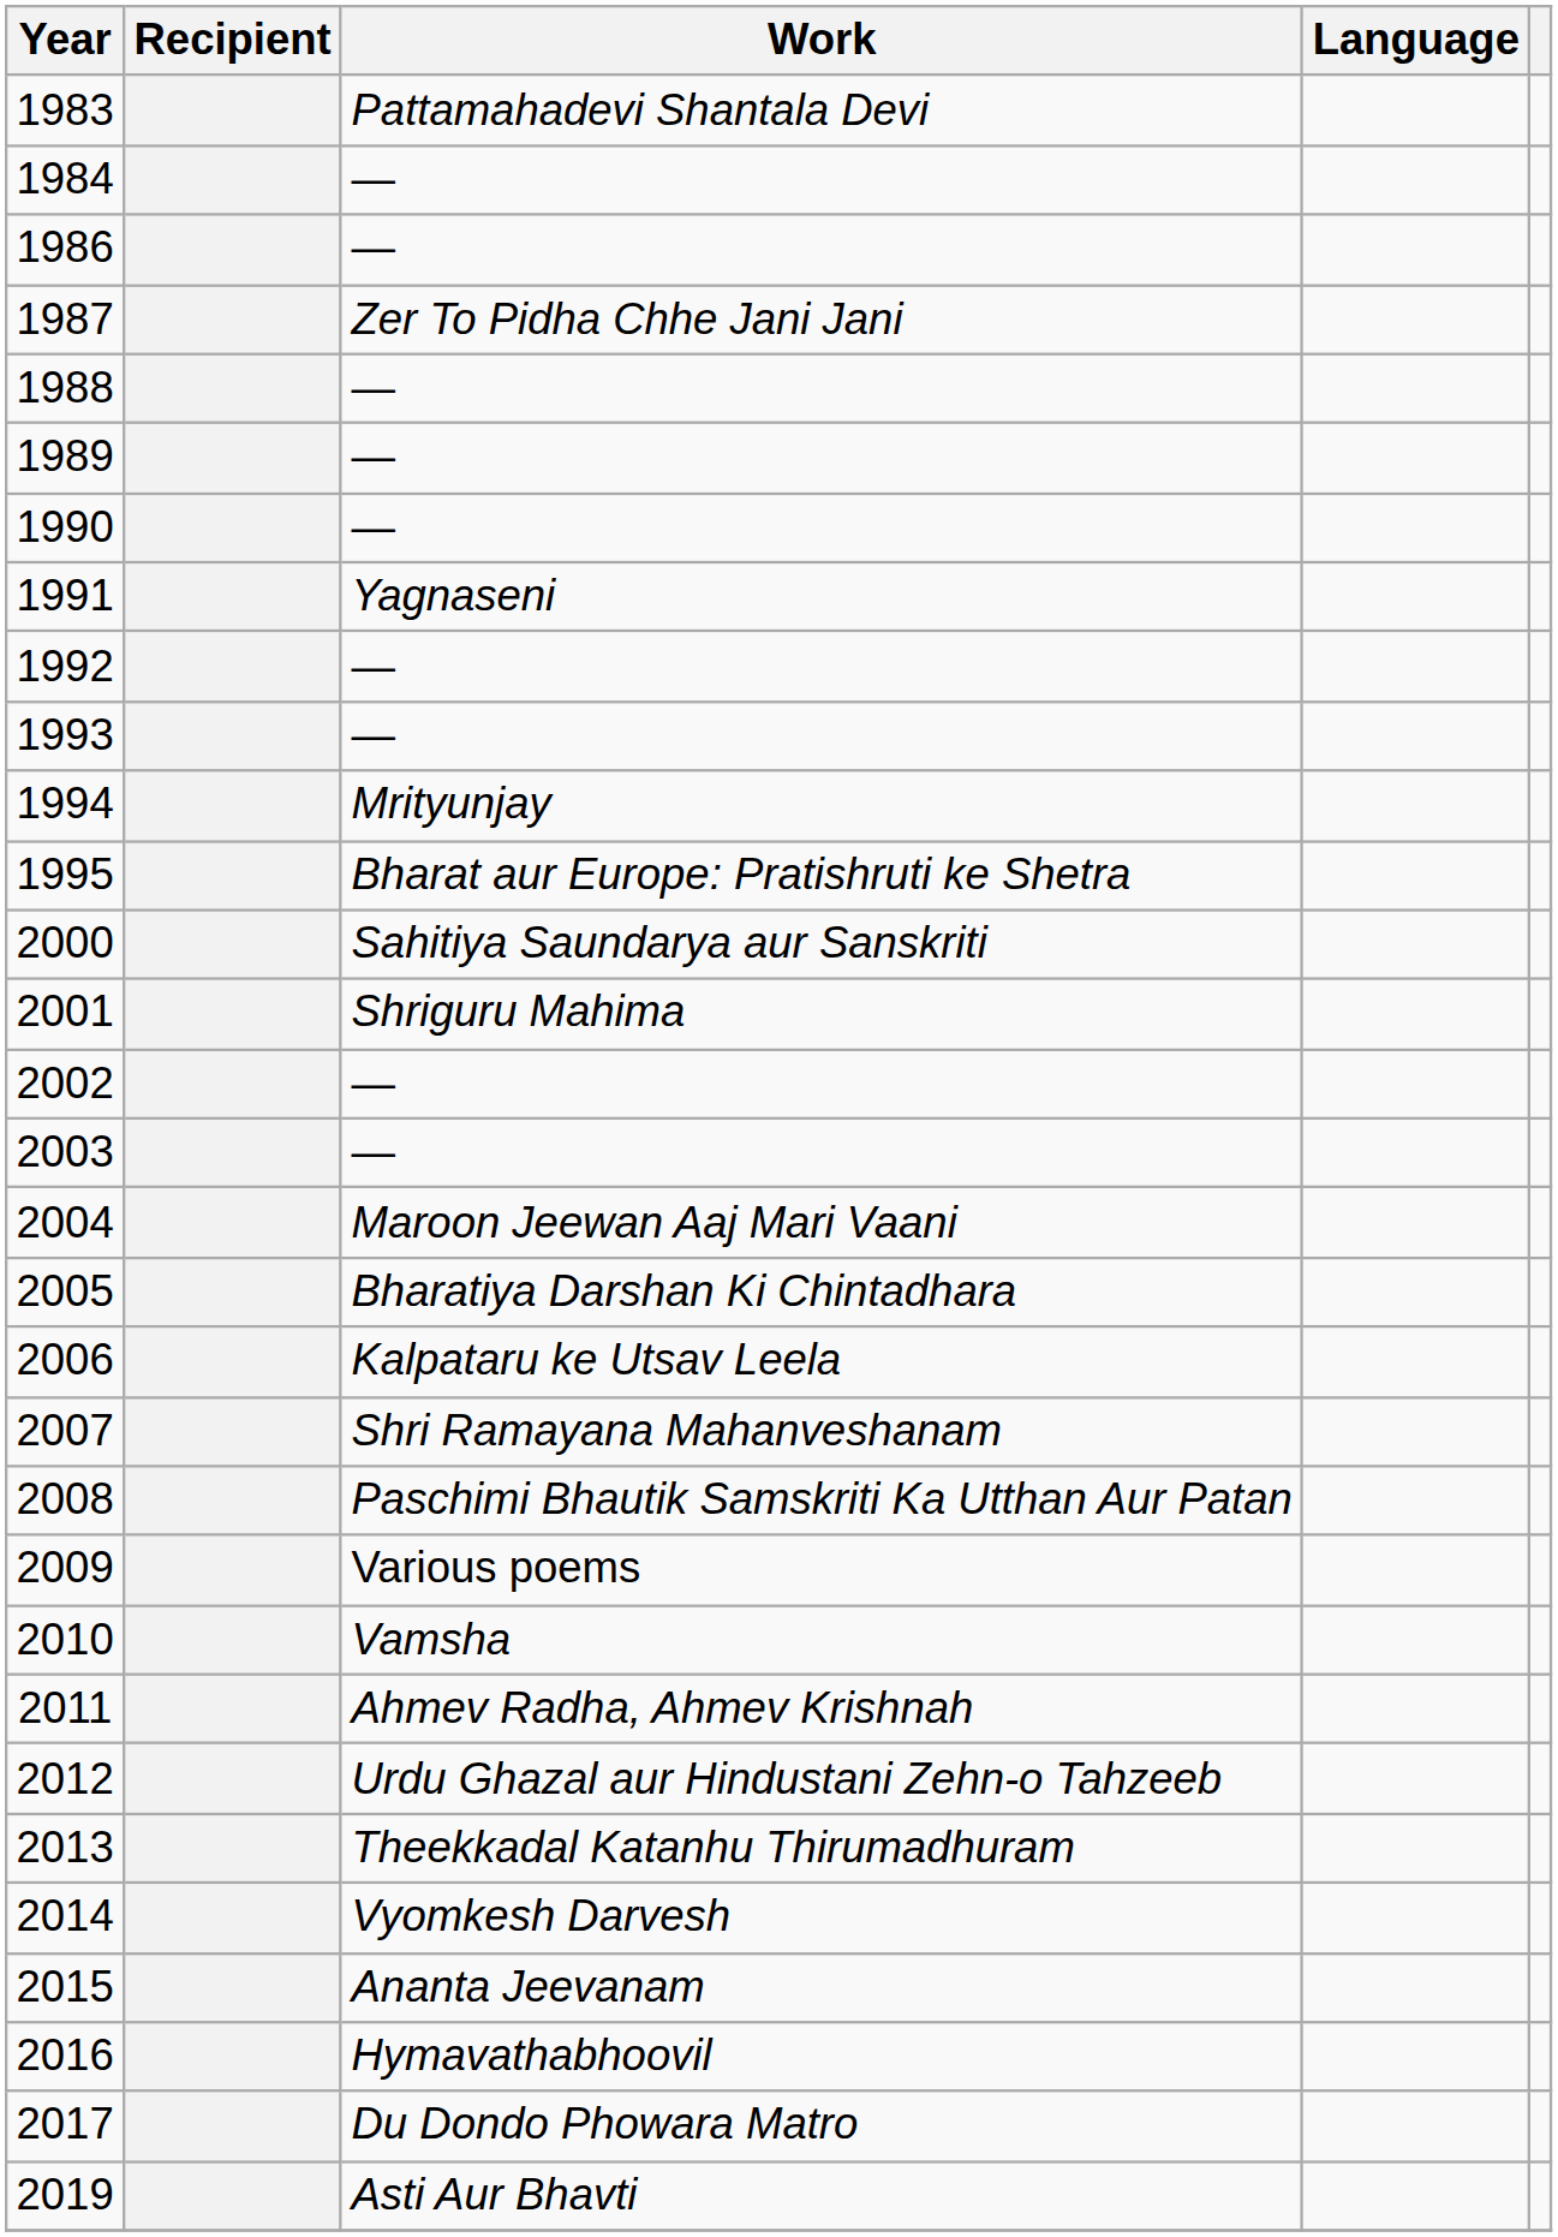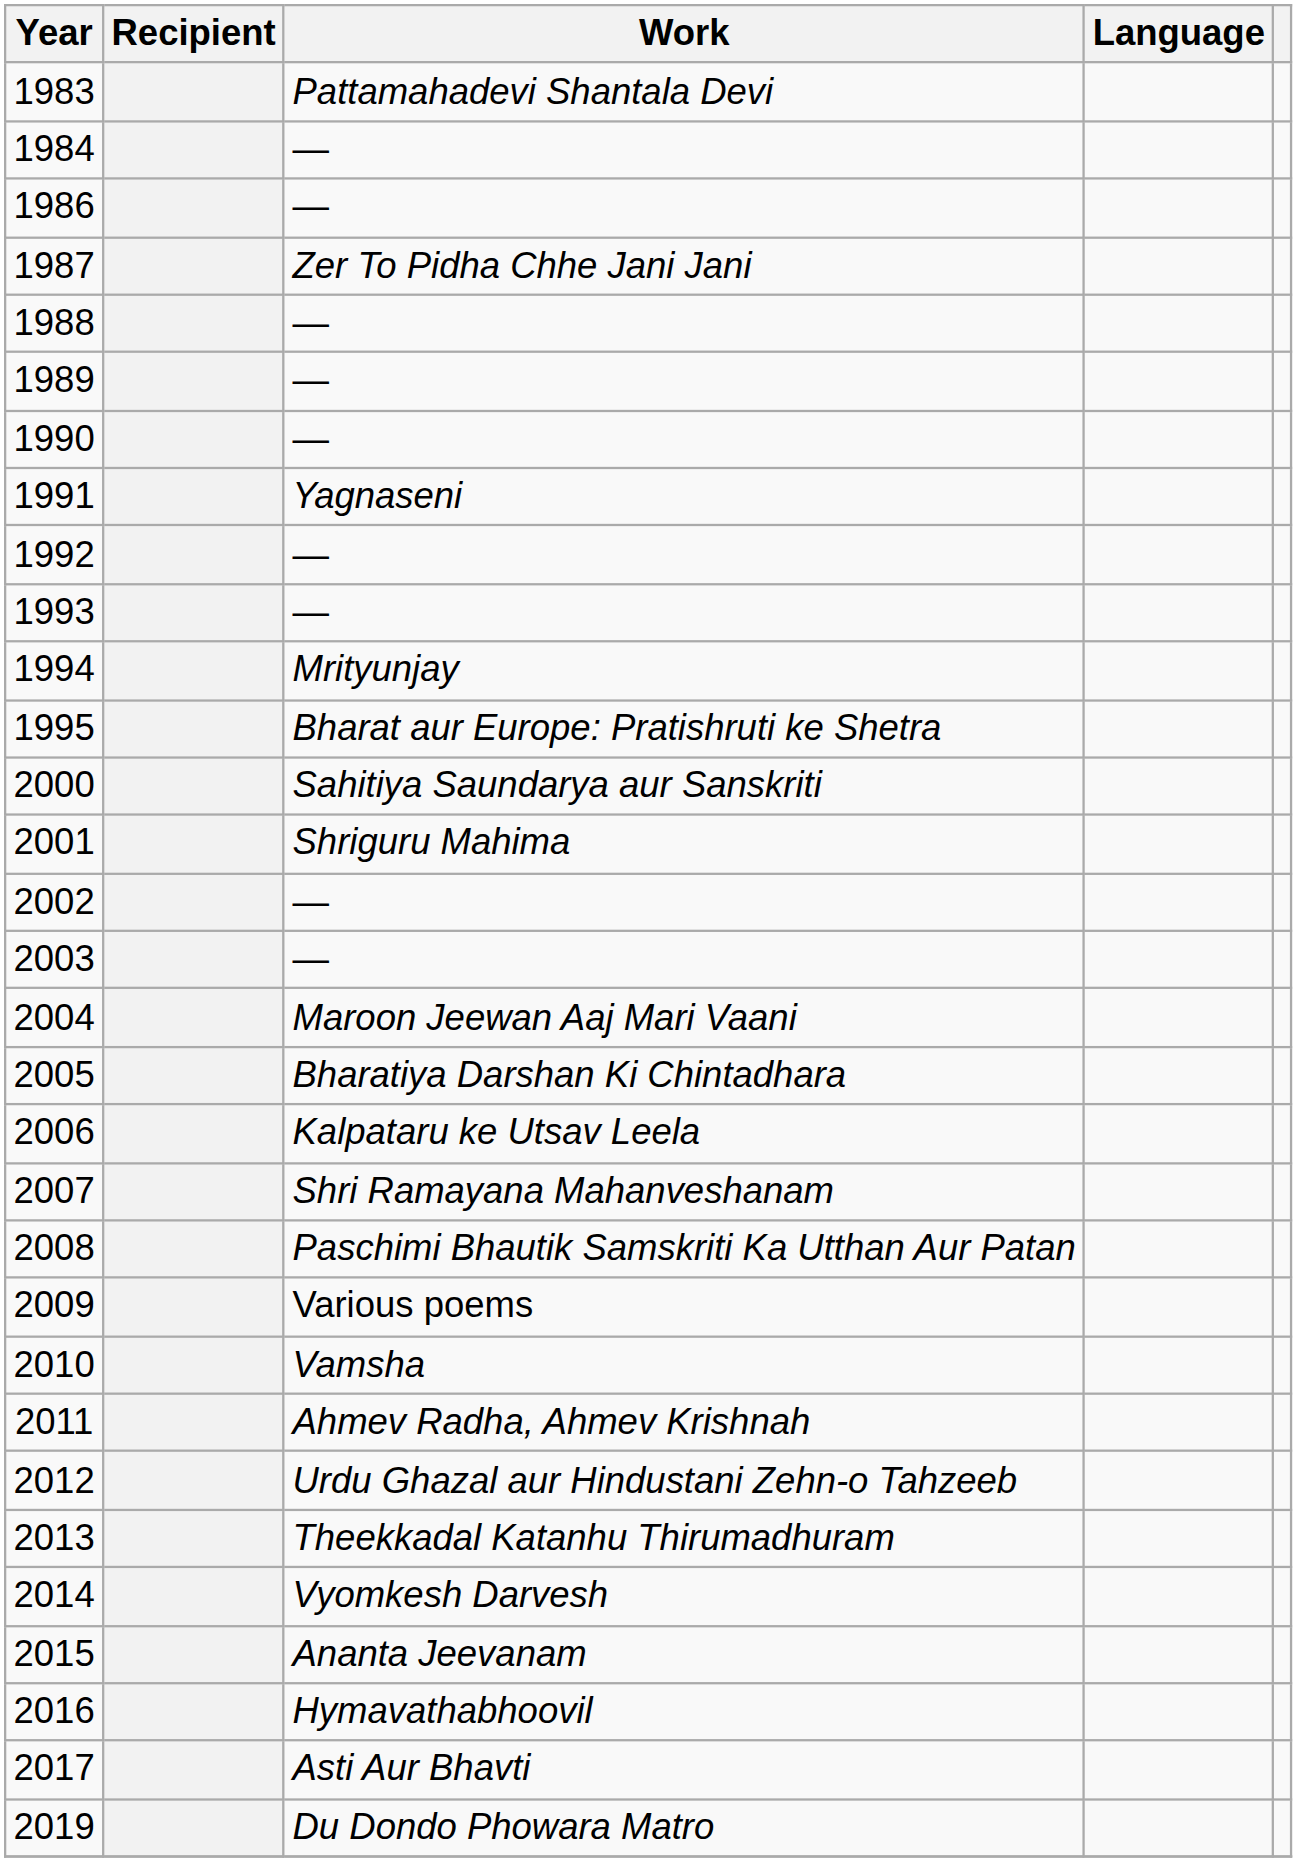 <table class="wikitable plainrowheaders sortable">
 <tr>
 <th scope="col">Year</th>
 <th scope="col">Recipient</th>
 <th scope="col">Work</th>
 <th scope="col">Language</th>
 <th scope="col" class="unsortable" style="text-align:center;"></th>
 </tr>
 <tr>
 <td style="text-align:center">1983<br></td>
 <th scope="row"></th>
 <td><em>Pattamahadevi Shantala Devi</em></td>
 <td></td>
 <td style="text-align:center"></td>
 </tr>
 <tr>
 <td style="text-align:center">1984<br></td>
 <th scope="row"></th>
 <td>—</td>
 <td></td>
 <td style="text-align:center"></td>
 </tr>
 <tr>
 <td style="text-align:center">1986<br></td>
 <th scope="row"></th>
 <td>—</td>
 <td></td>
 <td style="text-align:center"></td>
 </tr>
 <tr>
 <td style="text-align:center">1987<br></td>
 <th scope="row"></th>
 <td><em>Zer To Pidha Chhe Jani Jani</em></td>
 <td></td>
 <td style="text-align:center"></td>
 </tr>
 <tr>
 <td style="text-align:center">1988<br></td>
 <th scope="row"></th>
 <td>—</td>
 <td></td>
 <td style="text-align:center"></td>
 </tr>
 <tr>
 <td style="text-align:center">1989<br></td>
 <th scope="row"></th>
 <td>—</td>
 <td></td>
 <td style="text-align:center"></td>
 </tr>
 <tr>
 <td style="text-align:center">1990<br></td>
 <th scope="row"></th>
 <td>—</td>
 <td></td>
 <td style="text-align:center"></td>
 </tr>
 <tr>
 <td style="text-align:center">1991<br></td>
 <th scope="row"></th>
 <td><em>Yagnaseni</em></td>
 <td></td>
 <td style="text-align:center"></td>
 </tr>
 <tr>
 <td style="text-align:center">1992<br></td>
 <th scope="row"></th>
 <td>—</td>
 <td></td>
 <td style="text-align:center"></td>
 </tr>
 <tr>
 <td style="text-align:center">1993<br></td>
 <th scope="row"></th>
 <td>—</td>
 <td></td>
 <td style="text-align:center"></td>
 </tr>
 <tr>
 <td style="text-align:center">1994<br></td>
 <th scope="row"></th>
 <td><em>Mrityunjay</em></td>
 <td></td>
 <td style="text-align:center"></td>
 </tr>
 <tr>
 <td style="text-align:center">1995<br></td>
 <th scope="row"></th>
 <td><em>Bharat aur Europe: Pratishruti ke Shetra</em></td>
 <td></td>
 <td style="text-align:center"></td>
 </tr>
 <tr>
 <td style="text-align:center">2000<br></td>
 <th scope="row"></th>
 <td><em>Sahitiya Saundarya aur Sanskriti</em></td>
 <td></td>
 <td style="text-align:center"></td>
 </tr>
 <tr>
 <td style="text-align:center">2001<br></td>
 <th scope="row"></th>
 <td><em>Shriguru Mahima</em></td>
 <td></td>
 <td style="text-align:center"></td>
 </tr>
 <tr>
 <td style="text-align:center">2002<br></td>
 <th scope="row"></th>
 <td>—</td>
 <td></td>
 <td style="text-align:center"></td>
 </tr>
 <tr>
 <td style="text-align:center">2003<br></td>
 <th scope="row"></th>
 <td>—</td>
 <td></td>
 <td style="text-align:center"></td>
 </tr>
 <tr>
 <td style="text-align:center">2004<br></td>
 <th scope="row"></th>
 <td><em>Maroon Jeewan Aaj Mari Vaani</em></td>
 <td></td>
 <td style="text-align:center"></td>
 </tr>
 <tr>
 <td style="text-align:center">2005<br></td>
 <th scope="row"></th>
 <td><em>Bharatiya Darshan Ki Chintadhara</em></td>
 <td></td>
 <td style="text-align:center"></td>
 </tr>
 <tr>
 <td style="text-align:center">2006<br></td>
 <th scope="row"></th>
 <td><em>Kalpataru ke Utsav Leela</em></td>
 <td></td>
 <td style="text-align:center"></td>
 </tr>
 <tr>
 <td style="text-align:center">2007<br></td>
 <th scope="row"></th>
 <td><em>Shri Ramayana Mahanveshanam</em></td>
 <td></td>
 <td style="text-align:center"></td>
 </tr>
 <tr>
 <td style="text-align:center">2008<br></td>
 <th scope="row"></th>
 <td><em>Paschimi Bhautik Samskriti Ka Utthan Aur Patan</em></td>
 <td></td>
 <td style="text-align:center"></td>
 </tr>
 <tr>
 <td style="text-align:center">2009<br></td>
 <th scope="row"></th>
 <td>Various poems</td>
 <td></td>
 <td style="text-align:center"></td>
 </tr>
 <tr>
 <td style="text-align:center">2010<br></td>
 <th scope="row"></th>
 <td><em>Vamsha</em></td>
 <td></td>
 <td style="text-align:center"></td>
 </tr>
 <tr>
 <td style="text-align:center">2011<br></td>
 <th scope="row"></th>
 <td><em>Ahmev Radha, Ahmev Krishnah</em></td>
 <td></td>
 <td style="text-align:center"></td>
 </tr>
 <tr>
 <td style="text-align:center">2012<br></td>
 <th scope="row"></th>
 <td><em>Urdu Ghazal aur Hindustani Zehn-o Tahzeeb</em></td>
 <td></td>
 <td style="text-align:center"></td>
 </tr>
 <tr>
 <td style="text-align:center">2013<br></td>
 <th scope="row"></th>
 <td><em>Theekkadal Katanhu Thirumadhuram</em></td>
 <td></td>
 <td style="text-align:center"></td>
 </tr>
 <tr>
 <td style="text-align:center">2014<br></td>
 <th scope="row"></th>
 <td><em>Vyomkesh Darvesh</em></td>
 <td></td>
 <td style="text-align:center"></td>
 </tr>
 <tr>
 <td style="text-align:center">2015<br></td>
 <th scope="row"></th>
 <td><em>Ananta Jeevanam</em></td>
 <td></td>
 <td style="text-align:center"></td>
 </tr>
 <tr>
 <td style="text-align:center">2016<br></td>
 <th scope="row"></th>
 <td><em>Hymavathabhoovil</em></td>
 <td></td>
 <td style="text-align:center"></td>
 </tr>
 <tr>
 <td style="text-align:center">2017<br></td>
 <th scope="row"></th>
-<td><em>Du Dondo Phowara Matro</em></td>
+<td><em>Asti Aur Bhavti</em></td>
 <td></td>
 <td style="text-align:center"></td>
 </tr>
 <tr>
 <td style="text-align:center">2019<br></td>
 <th scope="row"></th>
-<td><em>Asti Aur Bhavti</em></td>
+<td><em>Du Dondo Phowara Matro</em></td>
 <td></td>
 <td style="text-align:center"></td>
 </tr>
 <tr>
 </tr>
 </table>
